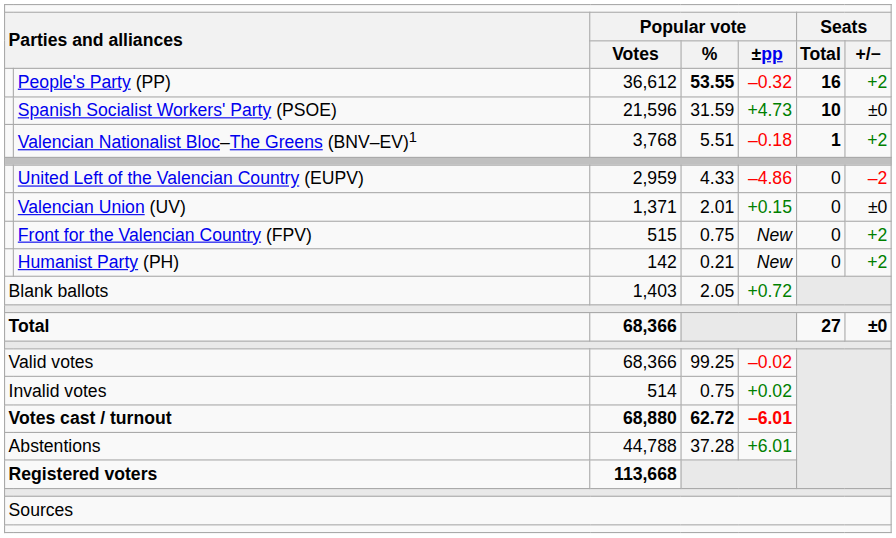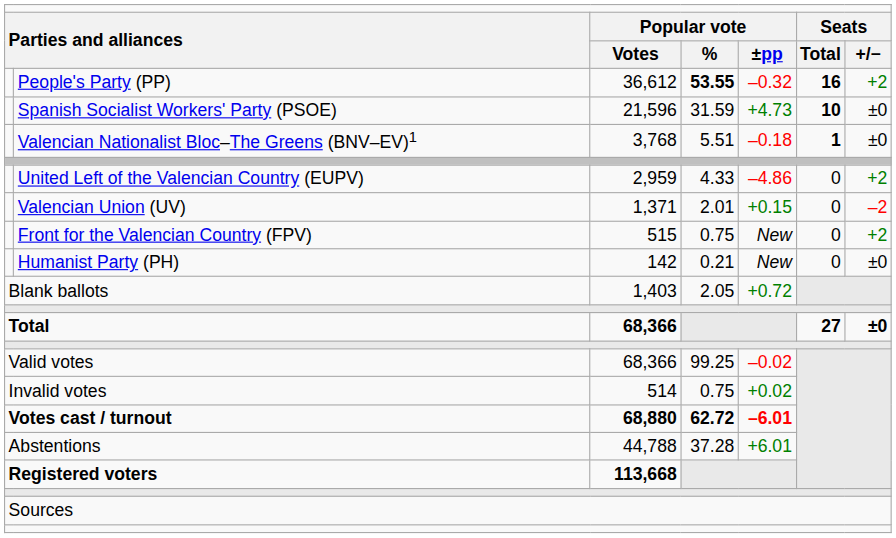 <table class="wikitable" style="text-align:right;">
 <tr>
 <td colspan="7"></td>
 </tr>
 <tr>
 <th style="text-align:left;" rowspan="2" colspan="2" width="525">Parties and alliances</th>
 <th colspan="3">Popular vote</th>
 <th colspan="2">Seats</th>
 </tr>
 <tr>
 <th width="75">Votes</th>
 <th width="45">%</th>
 <th width="45">±<a href='#'>pp</a></th>
 <th width="35">Total</th>
 <th width="35">+/−</th>
 </tr>
 <tr>
 <td width="1" style="color:inherit;background:"></td>
 <td align="left"><a href='#'>People's Party</a> (PP)</td>
 <td>36,612</td>
 <td><strong>53.55</strong></td>
 <td style="color:red;">–0.32</td>
 <td><strong>16</strong></td>
 <td style="color:green;">+2</td>
 </tr>
 <tr>
 <td style="color:inherit;background:"></td>
 <td align="left"><a href='#'>Spanish Socialist Workers' Party</a> (PSOE)</td>
 <td>21,596</td>
 <td>31.59</td>
 <td style="color:green;">+4.73</td>
 <td><strong>10</strong></td>
 <td>±0</td>
 </tr>
 <tr>
 <td style="color:inherit;background:"></td>
 <td align="left"><a href='#'>Valencian Nationalist Bloc</a>–<a href='#'>The Greens</a> (BNV–EV)<sup>1</sup></td>
 <td>3,768</td>
 <td>5.51</td>
 <td style="color:red;">–0.18</td>
 <td><strong>1</strong></td>
-<td style="color:green;">+2</td>
+<td>±0</td>
 </tr>
 <tr>
 <td colspan="7" bgcolor="#C0C0C0"></td>
 </tr>
 <tr>
 <td style="color:inherit;background:"></td>
 <td align="left"><a href='#'>United Left of the Valencian Country</a> (EUPV)</td>
 <td>2,959</td>
 <td>4.33</td>
 <td style="color:red;">–4.86</td>
 <td>0</td>
-<td style="color:red;">–2</td>
+<td style="color:green;">+2</td>
 </tr>
 <tr>
 <td style="color:inherit;background:"></td>
 <td align="left"><a href='#'>Valencian Union</a> (UV)</td>
 <td>1,371</td>
 <td>2.01</td>
 <td style="color:green;">+0.15</td>
 <td>0</td>
-<td>±0</td>
+<td style="color:red;">–2</td>
 </tr>
 <tr>
 <td style="color:inherit;background:"></td>
 <td align="left"><a href='#'>Front for the Valencian Country</a> (FPV)</td>
 <td>515</td>
 <td>0.75</td>
 <td><em>New</em></td>
 <td>0</td>
 <td style="color:green;">+2</td>
 </tr>
 <tr>
 <td style="color:inherit;background:"></td>
 <td align="left"><a href='#'>Humanist Party</a> (PH)</td>
 <td>142</td>
 <td>0.21</td>
 <td><em>New</em></td>
 <td>0</td>
-<td style="color:green;">+2</td>
+<td>±0</td>
 </tr>
 <tr>
 <td align="left" colspan="2">Blank ballots</td>
 <td>1,403</td>
 <td>2.05</td>
 <td style="color:green;">+0.72</td>
 <td bgcolor="#E9E9E9" colspan="2"></td>
 </tr>
 <tr>
 <td colspan="7" bgcolor="#E9E9E9"></td>
 </tr>
 <tr style="font-weight:bold;">
 <td align="left" colspan="2">Total</td>
 <td>68,366</td>
 <td bgcolor="#E9E9E9" colspan="2"></td>
 <td>27</td>
 <td>±0</td>
 </tr>
 <tr>
 <td colspan="7" bgcolor="#E9E9E9"></td>
 </tr>
 <tr>
 <td align="left" colspan="2">Valid votes</td>
 <td>68,366</td>
 <td>99.25</td>
 <td style="color:red;">–0.02</td>
 <td bgcolor="#E9E9E9" colspan="2" rowspan="5"></td>
 </tr>
 <tr>
 <td align="left" colspan="2">Invalid votes</td>
 <td>514</td>
 <td>0.75</td>
 <td style="color:green;">+0.02</td>
 </tr>
 <tr style="font-weight:bold;">
 <td align="left" colspan="2">Votes cast / turnout</td>
 <td>68,880</td>
 <td>62.72</td>
 <td style="color:red;">–6.01</td>
 </tr>
 <tr>
 <td align="left" colspan="2">Abstentions</td>
 <td>44,788</td>
 <td>37.28</td>
 <td style="color:green;">+6.01</td>
 </tr>
 <tr style="font-weight:bold;">
 <td align="left" colspan="2">Registered voters</td>
 <td>113,668</td>
 <td bgcolor="#E9E9E9" colspan="2"></td>
 </tr>
 <tr>
 <td colspan="7" bgcolor="#E9E9E9"></td>
 </tr>
 <tr>
 <td align="left" colspan="7">Sources</td>
 </tr>
 <tr>
 <td colspan="7" style="text-align:left; max-width:790px;"></td>
 </tr>
 </table>
